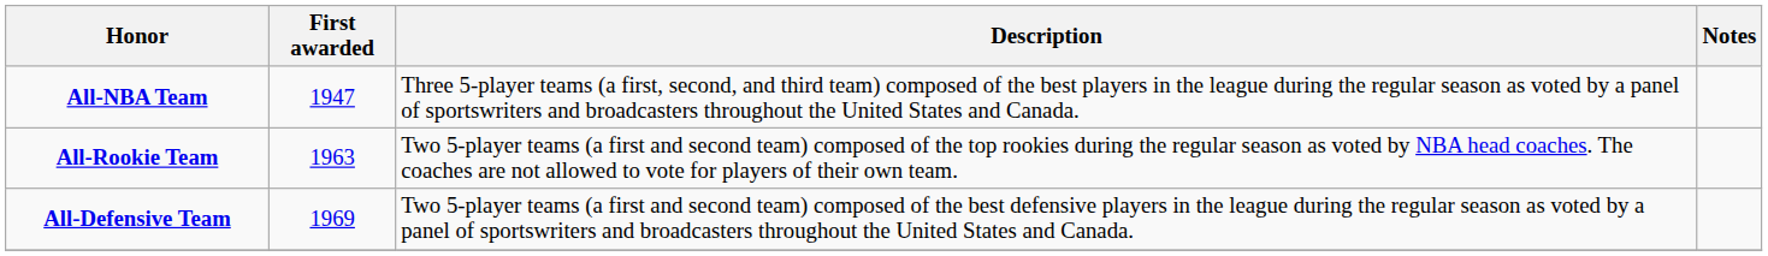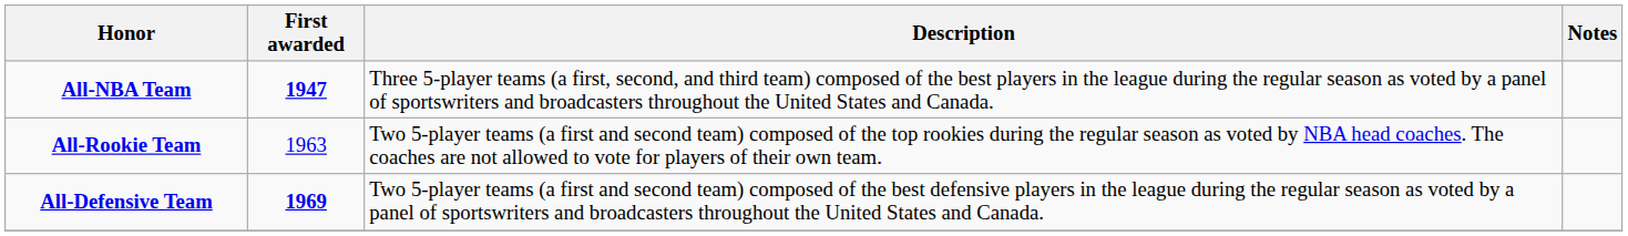 <table class="wikitable plainrowheaders sortable" summary="Honor (sortable), Created (sortable), Description and Notes">
 <tr>
 <th scope="col" width=15% class="unsortable">Honor</th>
 <th scope="col">First awarded</th>
 <th scope="col" class="unsortable">Description</th>
 <th scope="col" class="unsortable">Notes</th>
 </tr>
 <tr>
 <th scope="row" style="background-color:transparent;"><a href='#'>All-NBA Team</a></th>
-<td align=center><a href='#'>1947</a></td>
+<td align=center><strong><a href='#'>1947</a></strong></td>
 <td>Three 5-player teams (a first, second, and third team) composed of the best players in the league during the regular season as voted by a panel of sportswriters and broadcasters throughout the United States and Canada.</td>
 <td align="center"></td>
 </tr>
 <tr>
 <th scope="row" style="background-color:transparent;"><a href='#'>All-Rookie Team</a></th>
 <td align=center><a href='#'>1963</a></td>
 <td>Two 5-player teams (a first and second team) composed of the top rookies during the regular season as voted by <a href='#'>NBA head coaches</a>. The coaches are not allowed to vote for players of their own team.</td>
 <td align="center"></td>
 </tr>
 <tr>
 <th scope="row" style="background-color:transparent;"><a href='#'>All-Defensive Team</a></th>
-<td align=center><a href='#'>1969</a></td>
+<td align=center><strong><a href='#'>1969</a></strong></td>
 <td>Two 5-player teams (a first and second team) composed of the best defensive players in the league during the regular season as voted by a panel of sportswriters and broadcasters throughout the United States and Canada.</td>
 <td align="center"></td>
 </tr>
 <tr>
 </tr>
 </table>
